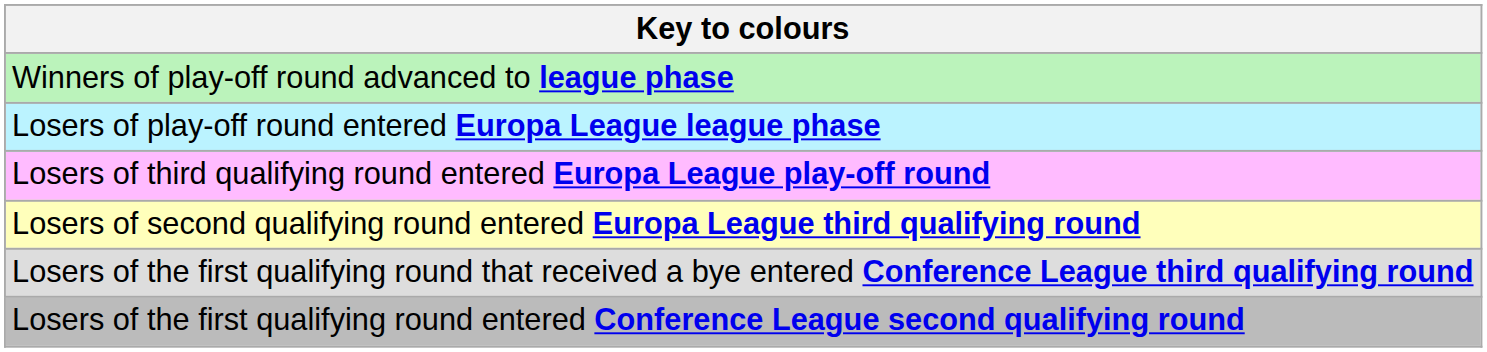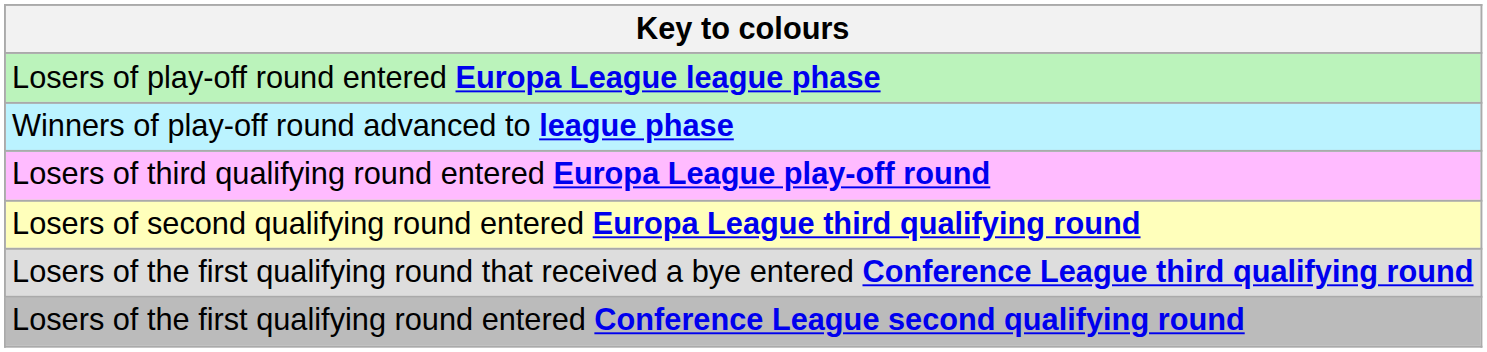 <table class="wikitable">
 <tr>
 <th>Key to colours</th>
 </tr>
 <tr bgcolor=#BBF3BB>
-<td>Winners of play-off round advanced to <strong><a href='#'>league phase</a></strong></td>
+<td>Losers of play-off round entered <strong><a href='#'>Europa League league phase</a></strong></td>
 </tr>
 <tr bgcolor=#BBF3FF>
-<td>Losers of play-off round entered <strong><a href='#'>Europa League league phase</a></strong></td>
+<td>Winners of play-off round advanced to <strong><a href='#'>league phase</a></strong></td>
 </tr>
 <tr bgcolor=#FFBBFF>
 <td>Losers of third qualifying round entered <strong><a href='#'>Europa League play-off round</a></strong></td>
 </tr>
 <tr bgcolor=#FFFFBB>
 <td>Losers of second qualifying round entered <strong><a href='#'>Europa League third qualifying round</a></strong></td>
 </tr>
 <tr bgcolor=#DDDDDD>
 <td>Losers of the first qualifying round that received a bye entered <strong><a href='#'>Conference League third qualifying round</a></strong></td>
 </tr>
 <tr bgcolor=#BBBBBB>
 <td>Losers of the first qualifying round entered <strong><a href='#'>Conference League second qualifying round</a></strong></td>
 </tr>
 </table>
